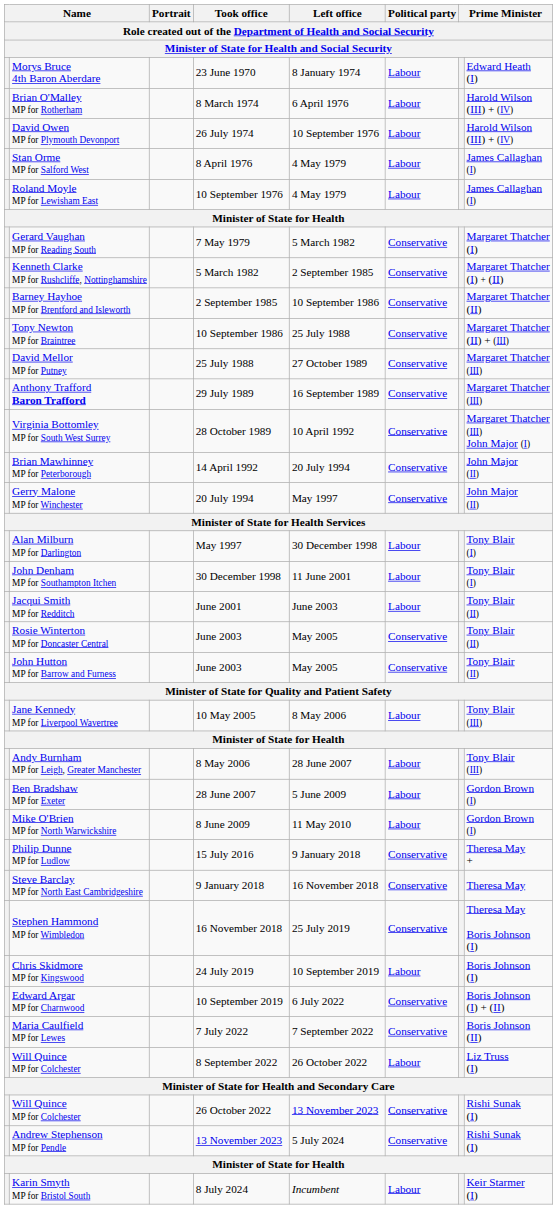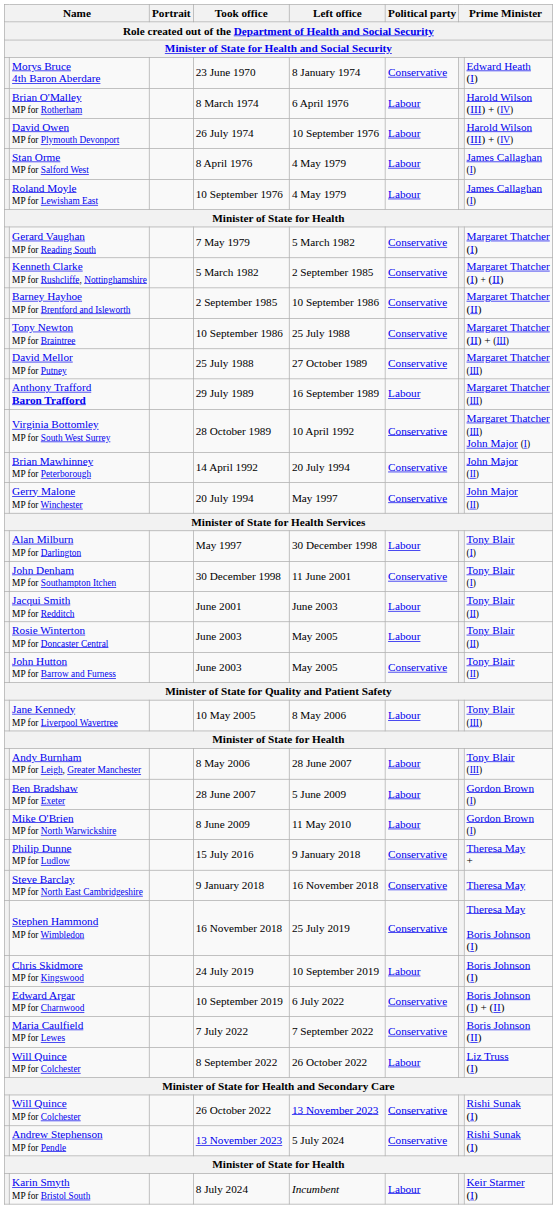 <table class="wikitable">
 <tr>
 <th colspan="2">Name</th>
 <th>Portrait</th>
 <th width="130">Took office</th>
 <th width="130">Left office</th>
 <th>Political party</th>
 <th colspan="2">Prime Minister</th>
 </tr>
 <tr>
 <th colspan="8">Role created out of the <a href='#'>Department of Health and Social Security</a></th>
 </tr>
 <tr>
 <th colspan="8"><a href='#'>Minister of State for Health and Social Security</a></th>
 </tr>
 <tr>
 <th style="background-color: "></th>
 <td><a href='#'>Morys Bruce <br>4th Baron Aberdare</a></td>
 <td></td>
 <td>23 June 1970</td>
 <td>8 January 1974</td>
-<td><a href='#'>Labour</a></td>
+<td><a href='#'>Conservative</a></td>
 <th style="background-color: "></th>
 <td><a href='#'>Edward Heath</a><br>(<a href='#'>I</a>)</td>
 </tr>
 <tr>
 <th style="background-color: "></th>
 <td><a href='#'>Brian O'Malley</a><br><small>MP for <a href='#'>Rotherham</a></small></td>
 <td></td>
 <td>8 March 1974</td>
 <td>6 April 1976</td>
 <td><a href='#'>Labour</a></td>
 <th style="background-color: "></th>
 <td><a href='#'>Harold Wilson</a><br>(<a href='#'>III</a>) + <small>(<a href='#'>IV</a>)</small></td>
 </tr>
 <tr>
 <th style="background-color: "></th>
 <td><a href='#'>David Owen</a><br><small>MP for <a href='#'>Plymouth Devonport</a></small></td>
 <td></td>
 <td>26 July 1974</td>
 <td>10 September 1976</td>
 <td><a href='#'>Labour</a></td>
 <th style="background-color: "></th>
 <td><a href='#'>Harold Wilson</a><br>(<a href='#'>III</a>) + <small>(<a href='#'>IV</a>)</small></td>
 </tr>
 <tr>
 <th style="background-color: "></th>
 <td><a href='#'>Stan Orme</a><br><small>MP for <a href='#'>Salford West</a></small></td>
 <td></td>
 <td>8 April 1976</td>
 <td>4 May 1979</td>
 <td><a href='#'>Labour</a></td>
 <th style="background-color: "></th>
 <td><a href='#'>James Callaghan</a><br><small>(<a href='#'>I</a>)</small></td>
 </tr>
 <tr>
 <th style="background-color: "></th>
 <td><a href='#'>Roland Moyle</a><br><small>MP for <a href='#'>Lewisham East</a></small></td>
 <td></td>
 <td>10 September 1976</td>
 <td>4 May 1979</td>
 <td><a href='#'>Labour</a></td>
 <th style="background-color: "></th>
 <td><a href='#'>James Callaghan</a><br><small>(<a href='#'>I</a>)</small></td>
 </tr>
 <tr>
 <th colspan="8">Minister of State for Health</th>
 </tr>
 <tr>
 <th style="background-color: "></th>
 <td><a href='#'>Gerard Vaughan</a><br><small>MP for <a href='#'>Reading South</a></small></td>
 <td></td>
 <td>7 May 1979</td>
 <td>5 March 1982</td>
 <td><a href='#'>Conservative</a></td>
 <th style="background-color: "></th>
 <td><a href='#'>Margaret Thatcher</a><br>(<a href='#'>I</a>)</td>
 </tr>
 <tr>
 <th style="background-color: "></th>
 <td><a href='#'>Kenneth Clarke</a><br><small>MP for <a href='#'>Rushcliffe</a>, <a href='#'>Nottinghamshire</a></small></td>
 <td></td>
 <td>5 March 1982</td>
 <td>2 September 1985</td>
 <td><a href='#'>Conservative</a></td>
 <th style="background-color: "></th>
 <td><a href='#'>Margaret Thatcher</a><br>(<a href='#'>I</a>) <small>+</small> (<a href='#'>II</a>)</td>
 </tr>
 <tr>
 <th style="background-color: "></th>
 <td><a href='#'>Barney Hayhoe</a><br><small>MP for <a href='#'>Brentford and Isleworth</a></small></td>
 <td></td>
 <td>2 September 1985</td>
 <td>10 September 1986</td>
 <td><a href='#'>Conservative</a></td>
 <th style="background-color: "></th>
 <td><a href='#'>Margaret Thatcher</a><br>(<a href='#'>II</a>)</td>
 </tr>
 <tr>
 <th style="background-color: "></th>
 <td><a href='#'>Tony Newton</a><br><small>MP for <a href='#'>Braintree</a></small></td>
 <td></td>
 <td>10 September 1986</td>
 <td>25 July 1988</td>
 <td><a href='#'>Conservative</a></td>
 <th style="background-color: "></th>
 <td><a href='#'>Margaret Thatcher</a><br>(<a href='#'>II</a>) + <small>(<a href='#'>III</a>)</small></td>
 </tr>
 <tr>
 <th style="background-color: "></th>
 <td><a href='#'>David Mellor</a><br><small>MP for <a href='#'>Putney</a></small></td>
 <td></td>
 <td>25 July 1988</td>
 <td>27 October 1989</td>
 <td><a href='#'>Conservative</a></td>
 <th style="background-color: "></th>
 <td><a href='#'>Margaret Thatcher</a><br><small>(<a href='#'>III</a>)</small></td>
 </tr>
 <tr>
 <th style="background-color: "></th>
 <td><a href='#'>Anthony Trafford<br><strong>Baron Trafford </strong></a></td>
 <td></td>
 <td>29 July 1989</td>
 <td>16 September 1989</td>
-<td><a href='#'>Conservative</a></td>
+<td><a href='#'>Labour</a></td>
 <th style="background-color: "></th>
 <td><a href='#'>Margaret Thatcher</a><br><small>(<a href='#'>III</a>)</small></td>
 </tr>
 <tr>
 <th style="background-color: "></th>
 <td><a href='#'>Virginia Bottomley</a><br><small>MP for <a href='#'>South West Surrey</a></small></td>
 <td></td>
 <td>28 October 1989</td>
 <td>10 April 1992</td>
 <td><a href='#'>Conservative</a></td>
 <th style="background-color: "></th>
 <td><a href='#'>Margaret Thatcher</a><br><small>(<a href='#'>III</a>)</small><br><a href='#'>John Major</a> <small>(<a href='#'>I</a>)</small></td>
 </tr>
 <tr>
 <th style="background-color: "></th>
 <td><a href='#'>Brian Mawhinney</a><br><small>MP for <a href='#'>Peterborough</a></small></td>
 <td></td>
 <td>14 April 1992</td>
 <td>20 July 1994</td>
 <td><a href='#'>Conservative</a></td>
 <th style="background-color: "></th>
 <td><a href='#'>John Major</a><br><small>(<a href='#'>II</a>)</small></td>
 </tr>
 <tr>
 <th style="background-color: "></th>
 <td><a href='#'>Gerry Malone</a><br><small>MP for <a href='#'>Winchester</a></small></td>
 <td></td>
 <td>20 July 1994</td>
 <td>May 1997</td>
 <td><a href='#'>Conservative</a></td>
 <th style="background-color: "></th>
 <td><a href='#'>John Major</a><br><small>(<a href='#'>II</a>)</small></td>
 </tr>
 <tr>
 <th colspan="8">Minister of State for Health Services</th>
 </tr>
 <tr>
 <th style="background-color: "></th>
 <td><a href='#'>Alan Milburn</a><br><small>MP for <a href='#'>Darlington</a></small></td>
 <td></td>
 <td>May 1997</td>
 <td>30 December 1998</td>
 <td><a href='#'>Labour</a></td>
 <th style="background-color: "></th>
 <td><a href='#'>Tony Blair</a><br><small>(<a href='#'>I</a>)</small></td>
 </tr>
 <tr>
 <th style="background-color: "></th>
 <td><a href='#'>John Denham</a><br><small>MP for <a href='#'>Southampton Itchen</a></small></td>
 <td></td>
 <td>30 December 1998</td>
 <td>11 June 2001</td>
-<td><a href='#'>Labour</a></td>
+<td><a href='#'>Conservative</a></td>
 <th style="background-color: "></th>
 <td><a href='#'>Tony Blair</a><br><small>(<a href='#'>I</a>)</small></td>
 </tr>
 <tr>
 <th style="background-color: "></th>
 <td><a href='#'>Jacqui Smith</a><br><small>MP for <a href='#'>Redditch</a></small></td>
 <td></td>
 <td>June 2001</td>
 <td>June 2003</td>
 <td><a href='#'>Labour</a></td>
 <th style="background-color: "></th>
 <td><a href='#'>Tony Blair</a><br><small>(<a href='#'>II</a>)</small></td>
 </tr>
 <tr>
 <th style="background-color: "></th>
 <td><a href='#'>Rosie Winterton</a><br><small>MP for <a href='#'>Doncaster Central</a></small></td>
 <td></td>
 <td>June 2003</td>
 <td>May 2005</td>
-<td><a href='#'>Conservative</a></td>
+<td><a href='#'>Labour</a></td>
 <th style="background-color: "></th>
 <td><a href='#'>Tony Blair</a><br><small>(<a href='#'>II</a>)</small></td>
 </tr>
 <tr>
 <th style="background-color: "></th>
 <td><a href='#'>John Hutton</a><br><small>MP for <a href='#'>Barrow and Furness</a></small></td>
 <td></td>
 <td>June 2003</td>
 <td>May 2005</td>
 <td><a href='#'>Conservative</a></td>
 <th style="background-color: "></th>
 <td><a href='#'>Tony Blair</a><br><small>(<a href='#'>II</a>)</small></td>
 </tr>
 <tr>
 <th colspan="8">Minister of State for Quality and Patient Safety</th>
 </tr>
 <tr>
 <th style="background-color: "></th>
 <td><a href='#'>Jane Kennedy</a><br><small>MP for <a href='#'>Liverpool Wavertree</a></small></td>
 <td></td>
 <td>10 May 2005</td>
 <td>8 May 2006</td>
 <td><a href='#'>Labour</a></td>
 <th style="background-color: "></th>
 <td><a href='#'>Tony Blair</a><br><small>(<a href='#'>III</a>)</small></td>
 </tr>
 <tr>
 <th colspan="8">Minister of State for Health</th>
 </tr>
 <tr>
 <th style="background-color: "></th>
 <td><a href='#'>Andy Burnham</a><br><small>MP for <a href='#'>Leigh</a>, <a href='#'>Greater Manchester</a></small></td>
 <td></td>
 <td>8 May 2006</td>
 <td>28 June 2007</td>
 <td><a href='#'>Labour</a></td>
 <th style="background-color: "></th>
 <td><a href='#'>Tony Blair</a><br><small>(<a href='#'>III</a>)</small></td>
 </tr>
 <tr>
 <th style="background-color: "></th>
 <td><a href='#'>Ben Bradshaw</a><br><small>MP for <a href='#'>Exeter</a></small></td>
 <td></td>
 <td>28 June 2007</td>
 <td>5 June 2009</td>
 <td><a href='#'>Labour</a></td>
 <th style="background-color: "></th>
 <td><a href='#'>Gordon Brown</a><br><small>(<a href='#'>I</a>)</small></td>
 </tr>
 <tr>
 <th style="background-color: "></th>
 <td><a href='#'>Mike O'Brien</a><br><small>MP for <a href='#'>North Warwickshire</a></small></td>
 <td></td>
 <td>8 June 2009</td>
 <td>11 May 2010</td>
 <td><a href='#'>Labour</a></td>
 <th style="background-color: "></th>
 <td><a href='#'>Gordon Brown</a><br><small>(<a href='#'>I</a>)</small></td>
 </tr>
 <tr>
 <th style="background-color: "></th>
 <td><a href='#'>Philip Dunne</a><br><small>MP for <a href='#'>Ludlow</a></small></td>
 <td></td>
 <td>15 July 2016</td>
 <td>9 January 2018</td>
 <td><a href='#'>Conservative</a></td>
 <th style="background-color: "></th>
 <td><a href='#'>Theresa May</a><br> + </td>
 </tr>
 <tr>
 <th style="background-color: "></th>
 <td><a href='#'>Steve Barclay</a><br><small>MP for <a href='#'>North East Cambridgeshire</a></small></td>
 <td></td>
 <td>9 January 2018</td>
 <td>16 November 2018</td>
 <td><a href='#'>Conservative</a></td>
 <th style="background-color: "></th>
 <td><a href='#'>Theresa May</a><br></td>
 </tr>
 <tr>
 <th style="background-color: "></th>
 <td><a href='#'>Stephen Hammond</a><br><small>MP for <a href='#'>Wimbledon</a></small></td>
 <td></td>
 <td>16 November 2018</td>
 <td>25 July 2019</td>
 <td><a href='#'>Conservative</a></td>
 <th style="background-color: "></th>
 <td><a href='#'>Theresa May</a><br><br><a href='#'>Boris Johnson</a><br>(<a href='#'>I</a>)</td>
 </tr>
 <tr>
 <th style="background-color: "></th>
 <td><a href='#'>Chris Skidmore</a><br><small>MP for <a href='#'>Kingswood</a></small></td>
 <td></td>
 <td>24 July 2019</td>
 <td>10 September 2019</td>
 <td><a href='#'>Labour</a></td>
 <th style="background-color: "></th>
 <td><a href='#'>Boris Johnson</a><br>(<a href='#'>I</a>)</td>
 </tr>
 <tr>
 <th style="background-color: "></th>
 <td><a href='#'>Edward Argar</a><br><small>MP for <a href='#'>Charnwood</a></small></td>
 <td></td>
 <td>10 September 2019</td>
 <td>6 July 2022</td>
 <td><a href='#'>Conservative</a></td>
 <th style="background-color: "></th>
 <td><a href='#'>Boris Johnson</a><br>(<a href='#'>I</a>) + (<a href='#'>II</a>)</td>
 </tr>
 <tr>
 <th style="background-color: "></th>
 <td><a href='#'>Maria Caulfield</a><br><small>MP for <a href='#'>Lewes</a></small></td>
 <td></td>
 <td>7 July 2022</td>
 <td>7 September 2022</td>
 <td><a href='#'>Conservative</a></td>
 <th style="background-color: "></th>
 <td><a href='#'>Boris Johnson</a><br>(<a href='#'>II</a>)</td>
 </tr>
 <tr>
 <th style="background-color: "></th>
 <td><a href='#'>Will Quince</a><br><small>MP for <a href='#'>Colchester</a></small></td>
 <td></td>
 <td>8 September 2022</td>
 <td>26 October 2022</td>
 <td><a href='#'>Labour</a></td>
 <th style="background-color: "></th>
 <td><a href='#'>Liz Truss</a><br>(<a href='#'>I</a>)</td>
 </tr>
 <tr>
 <th colspan="8">Minister of State for Health and Secondary Care</th>
 </tr>
 <tr>
 <th style="background-color: "></th>
 <td><a href='#'>Will Quince</a><br><small>MP for <a href='#'>Colchester</a></small></td>
 <td></td>
 <td>26 October 2022</td>
 <td><a href='#'>13 November 2023</a></td>
 <td><a href='#'>Conservative</a></td>
 <th style="background-color: "></th>
 <td><a href='#'>Rishi Sunak</a><br>(<a href='#'>I</a>)</td>
 </tr>
 <tr>
 <th style="background-color: "></th>
 <td><a href='#'>Andrew Stephenson</a><br><small>MP for <a href='#'>Pendle</a></small></td>
 <td></td>
 <td><a href='#'>13 November 2023</a></td>
 <td>5 July 2024</td>
 <td><a href='#'>Conservative</a></td>
 <th style="background-color: "></th>
 <td><a href='#'>Rishi Sunak</a><br>(<a href='#'>I</a>)</td>
 </tr>
 <tr>
 <th colspan="8">Minister of State for Health</th>
 </tr>
 <tr>
 <th style="background-color: "></th>
 <td><a href='#'>Karin Smyth</a><br><small>MP for <a href='#'>Bristol South</a></small></td>
 <td></td>
 <td>8 July 2024</td>
 <td><em>Incumbent</em></td>
 <td><a href='#'>Labour</a></td>
 <th style="background-color: "></th>
 <td><a href='#'>Keir Starmer</a><br>(<a href='#'>I</a>)</td>
 </tr>
 </table>
